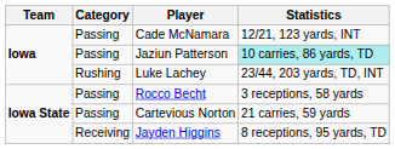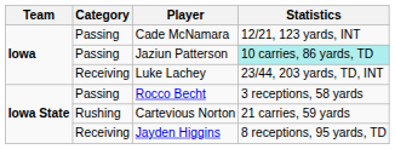 <table class="wikitable" style="float: left;">
 <tr>
 <th>Team</th>
 <th>Category</th>
 <th>Player</th>
 <th>Statistics</th>
 </tr>
 <tr>
 <td rowspan=3><strong>Iowa</strong></td>
 <td>Passing</td>
 <td>Cade McNamara</td>
 <td>12/21, 123 yards, INT</td>
 </tr>
 <tr>
 <td>Passing</td>
 <td>Jaziun Patterson</td>
 <td style="background: paleturquoise;">10 carries, 86 yards, TD</td>
 </tr>
 <tr>
-<td>Rushing</td>
+<td>Receiving</td>
 <td>Luke Lachey</td>
 <td>23/44, 203 yards, TD, INT</td>
 </tr>
 <tr>
 <td rowspan=3><strong>Iowa State</strong></td>
 <td>Passing</td>
 <td><a href='#'>Rocco Becht</a></td>
 <td>3 receptions, 58 yards</td>
 </tr>
 <tr>
-<td>Passing</td>
+<td>Rushing</td>
 <td>Cartevious Norton</td>
 <td>21 carries, 59 yards</td>
 </tr>
 <tr>
 <td>Receiving</td>
 <td><a href='#'>Jayden Higgins</a></td>
 <td>8 receptions, 95 yards, TD</td>
 </tr>
 </table>
